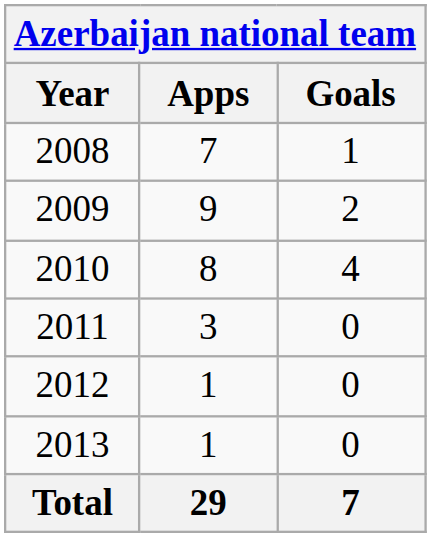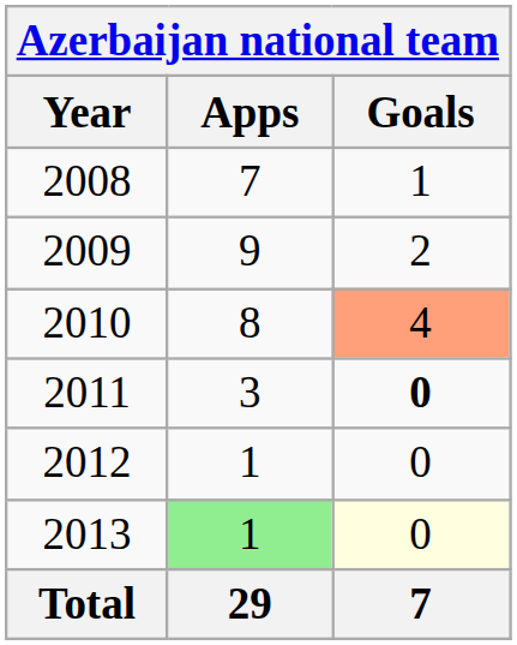 <table class="wikitable" style="text-align:center">
 <tr>
 <th colspan=3><a href='#'>Azerbaijan national team</a></th>
 </tr>
 <tr>
 <th>Year</th>
 <th>Apps</th>
 <th>Goals</th>
 </tr>
 <tr>
 <td>2008</td>
 <td>7</td>
 <td>1</td>
 </tr>
 <tr>
 <td>2009</td>
 <td>9</td>
 <td>2</td>
 </tr>
 <tr>
 <td>2010</td>
 <td>8</td>
-<td>4</td>
+<td style="background: lightsalmon;">4</td>
 </tr>
 <tr>
 <td>2011</td>
 <td>3</td>
-<td>0</td>
+<td><strong>0</strong></td>
 </tr>
 <tr>
 <td>2012</td>
 <td>1</td>
 <td>0</td>
 </tr>
 <tr>
 <td>2013</td>
-<td>1</td>
-<td>0</td>
+<td style="background: lightgreen;">1</td>
+<td style="background: lightyellow;">0</td>
 </tr>
 <tr>
 <th>Total</th>
 <th>29</th>
 <th>7</th>
 </tr>
 </table>
